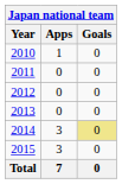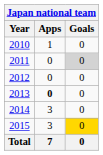 <table class="wikitable" style="text-align:center">
 <tr>
 <th colspan=3><a href='#'>Japan national team</a></th>
 </tr>
 <tr>
 <th>Year</th>
 <th>Apps</th>
 <th>Goals</th>
 </tr>
 <tr>
 <td><a href='#'>2010</a></td>
 <td>1</td>
 <td>0</td>
 </tr>
 <tr>
 <td><a href='#'>2011</a></td>
 <td>0</td>
-<td>0</td>
+<td style="background: lightgrey;">0</td>
 </tr>
 <tr>
 <td><a href='#'>2012</a></td>
 <td>0</td>
 <td>0</td>
 </tr>
 <tr>
 <td><a href='#'>2013</a></td>
-<td>0</td>
+<td><strong>0</strong></td>
 <td>0</td>
 </tr>
 <tr>
 <td><a href='#'>2014</a></td>
 <td>3</td>
-<td style="background: khaki;">0</td>
+<td>0</td>
 </tr>
 <tr>
 <td><a href='#'>2015</a></td>
 <td>3</td>
-<td>0</td>
+<td style="background: gold;">0</td>
 </tr>
 <tr>
 <th>Total</th>
 <th>7</th>
 <th>0</th>
 </tr>
 </table>
